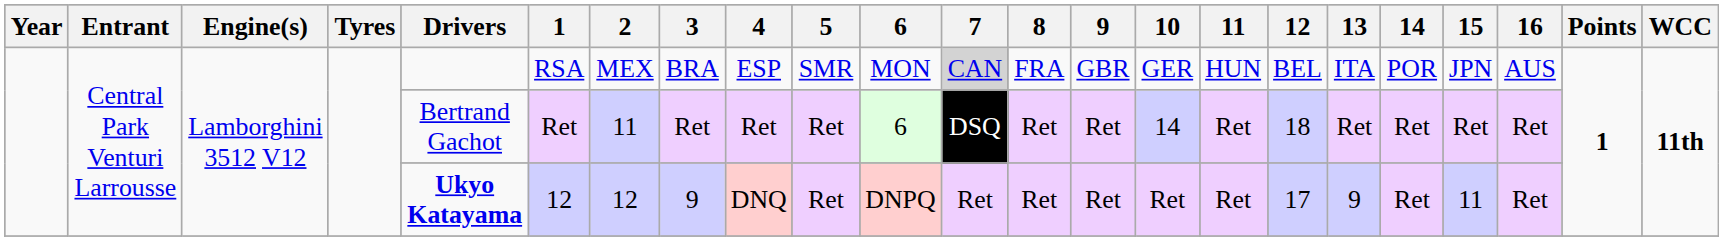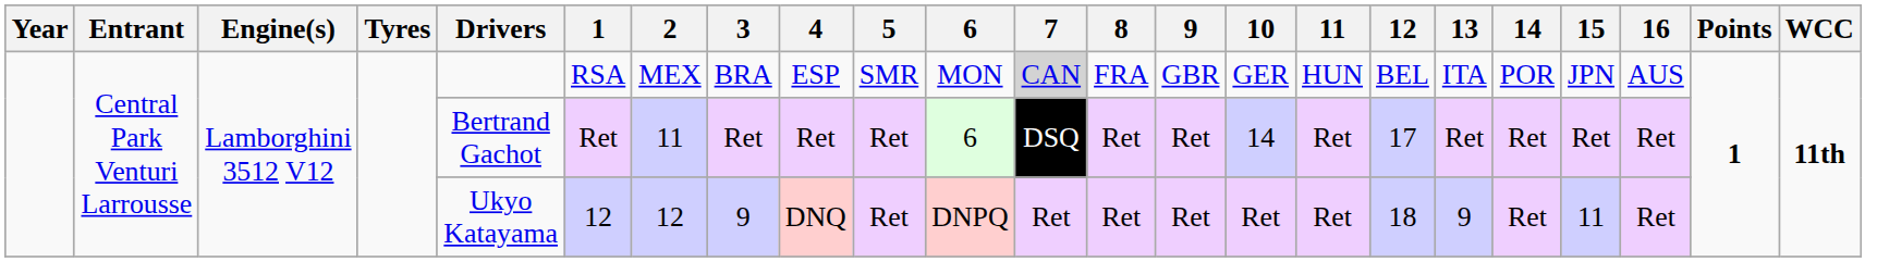 <table class="wikitable" border="1" style="text-align:center; font-size:95%;">
 <tr>
 <th>Year</th>
 <th>Entrant</th>
 <th>Engine(s)</th>
 <th>Tyres</th>
 <th>Drivers</th>
 <th>1</th>
 <th>2</th>
 <th>3</th>
 <th>4</th>
 <th>5</th>
 <th>6</th>
 <th>7</th>
 <th>8</th>
 <th>9</th>
 <th>10</th>
 <th>11</th>
 <th>12</th>
 <th>13</th>
 <th>14</th>
 <th>15</th>
 <th>16</th>
 <th>Points</th>
 <th>WCC</th>
 </tr>
 <tr>
 <td rowspan="3"></td>
 <td rowspan="3"><a href='#'>Central Park Venturi Larrousse</a></td>
 <td rowspan="3"><a href='#'>Lamborghini 3512</a> <a href='#'>V12</a></td>
 <td rowspan="3"></td>
 <td></td>
 <td><a href='#'>RSA</a></td>
 <td><a href='#'>MEX</a></td>
 <td><a href='#'>BRA</a></td>
 <td><a href='#'>ESP</a></td>
 <td><a href='#'>SMR</a></td>
 <td><a href='#'>MON</a></td>
 <td style="background: lightgrey;"><a href='#'>CAN</a></td>
 <td><a href='#'>FRA</a></td>
 <td><a href='#'>GBR</a></td>
 <td><a href='#'>GER</a></td>
 <td><a href='#'>HUN</a></td>
 <td><a href='#'>BEL</a></td>
 <td><a href='#'>ITA</a></td>
 <td><a href='#'>POR</a></td>
 <td><a href='#'>JPN</a></td>
 <td><a href='#'>AUS</a></td>
 <td rowspan="3"><strong>1</strong></td>
 <td rowspan="3"><strong>11th</strong></td>
 </tr>
 <tr>
 <td><a href='#'>Bertrand Gachot</a></td>
 <td style="background:#EFCFFF;">Ret</td>
 <td style="background:#CFCFFF;">11</td>
 <td style="background:#EFCFFF;">Ret</td>
 <td style="background:#EFCFFF;">Ret</td>
 <td style="background:#EFCFFF;">Ret</td>
 <td style="background:#DFFFDF;">6</td>
 <td style="background:#000000; color:white;">DSQ</td>
 <td style="background:#EFCFFF;">Ret</td>
 <td style="background:#EFCFFF;">Ret</td>
 <td style="background:#CFCFFF;">14</td>
 <td style="background:#EFCFFF;">Ret</td>
-<td style="background:#CFCFFF;">18</td>
+<td style="background:#CFCFFF;">17</td>
 <td style="background:#EFCFFF;">Ret</td>
 <td style="background:#EFCFFF;">Ret</td>
 <td style="background:#EFCFFF;">Ret</td>
 <td style="background:#EFCFFF;">Ret</td>
 </tr>
 <tr>
-<td><strong><a href='#'>Ukyo Katayama</a></strong></td>
+<td><a href='#'>Ukyo Katayama</a></td>
 <td style="background:#CFCFFF;">12</td>
 <td style="background:#CFCFFF;">12</td>
 <td style="background:#CFCFFF;">9</td>
 <td style="background:#FFCFCF;">DNQ</td>
 <td style="background:#EFCFFF;">Ret</td>
 <td style="background:#FFCFCF;">DNPQ</td>
 <td style="background:#EFCFFF;">Ret</td>
 <td style="background:#EFCFFF;">Ret</td>
 <td style="background:#EFCFFF;">Ret</td>
 <td style="background:#EFCFFF;">Ret</td>
 <td style="background:#EFCFFF;">Ret</td>
-<td style="background:#CFCFFF;">17</td>
+<td style="background:#CFCFFF;">18</td>
 <td style="background:#CFCFFF;">9</td>
 <td style="background:#EFCFFF;">Ret</td>
 <td style="background:#CFCFFF;">11</td>
 <td style="background:#EFCFFF;">Ret</td>
 </tr>
 </table>
